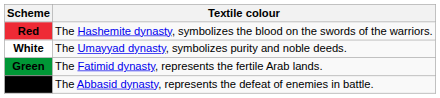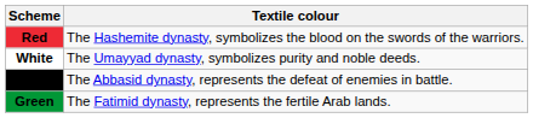 <table class="wikitable">
 <tr>
 <th>Scheme</th>
 <th>Textile colour</th>
 </tr>
 <tr>
 <th style="background:#EE2A35"><span> Red </span></th>
 <td>The <a href='#'>Hashemite dynasty</a>, symbolizes the blood on the swords of the warriors.</td>
 </tr>
 <tr>
 <th style="background:#ffffff">White</th>
 <td>The <a href='#'>Umayyad dynasty</a>, symbolizes purity and noble deeds.</td>
 </tr>
 <tr>
+<th style="background: #000000"><span> Black </span></th>
+<td>The <a href='#'>Abbasid dynasty</a>, represents the defeat of enemies in battle.</td>
+</tr>
+<tr>
 <th style="background: #009736"><span> Green </span></th>
 <td>The <a href='#'>Fatimid dynasty</a>, represents the fertile Arab lands.</td>
 </tr>
-<tr>
-<th style="background: #000000"><span> Black </span></th>
-<td>The <a href='#'>Abbasid dynasty</a>, represents the defeat of enemies in battle.</td>
-</tr>
 </table>
